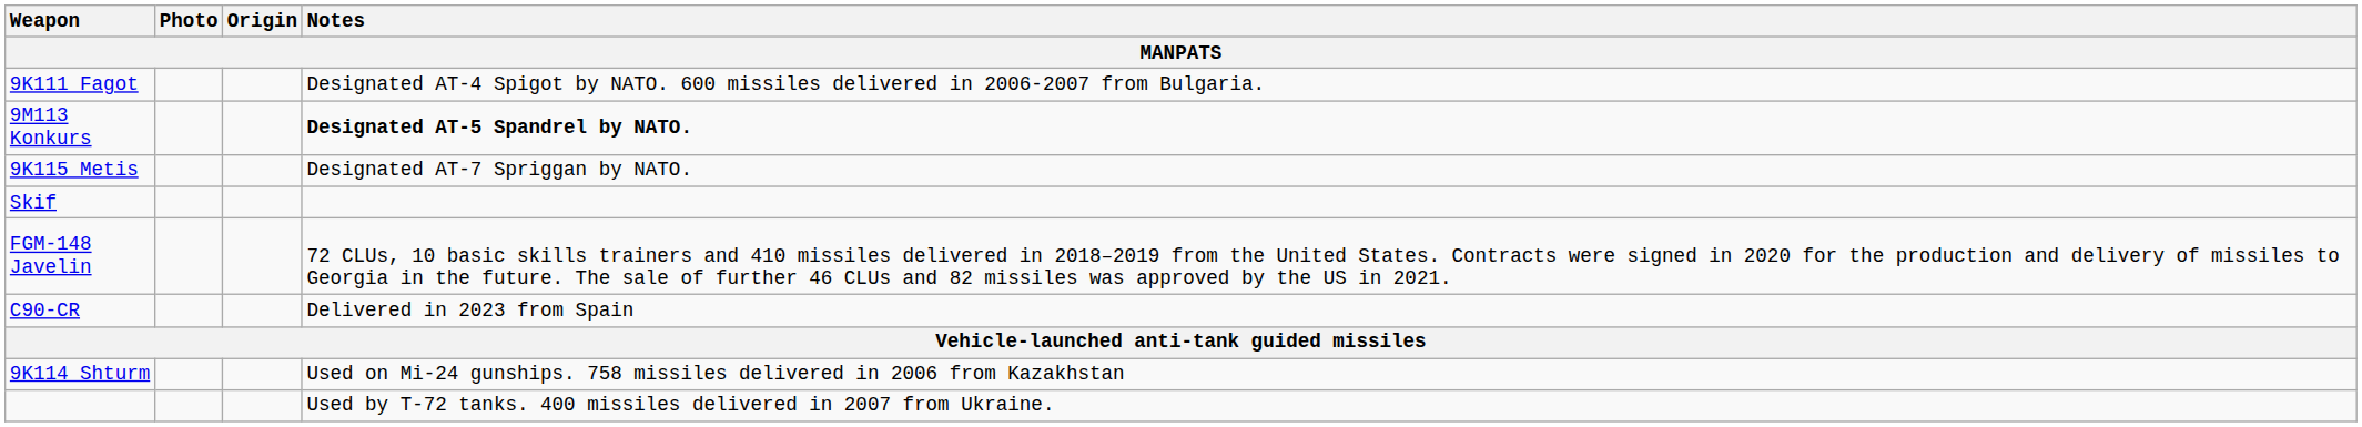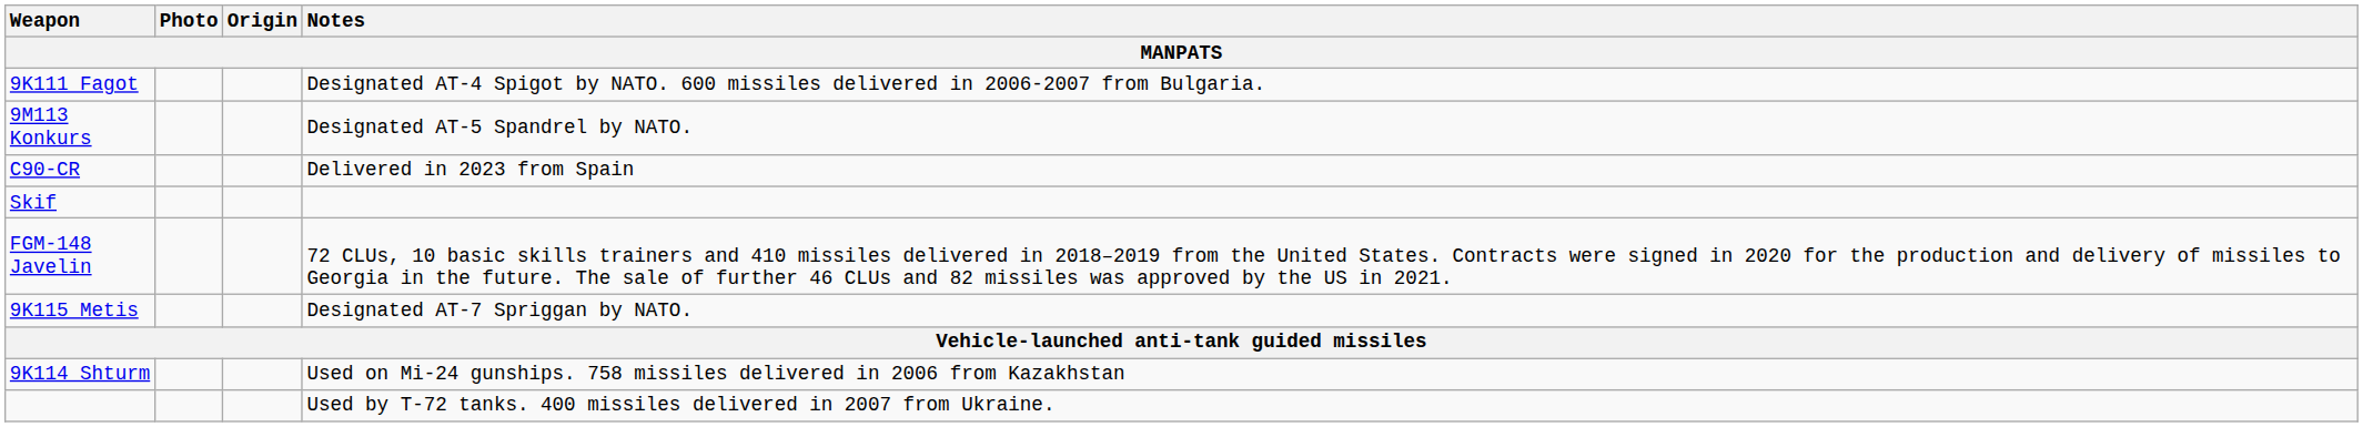 <table class="wikitable">
 <tr>
 <th style="text-align: left;">Weapon</th>
 <th style="text-align: left;">Photo</th>
 <th style="text-align: left;">Origin</th>
 <th style="text-align: left;">Notes</th>
 </tr>
 <tr>
 <th colspan="4">MANPATS</th>
 </tr>
 <tr>
 <td><a href='#'>9K111 Fagot</a></td>
 <td></td>
 <td></td>
 <td>Designated AT-4 Spigot by NATO. 600 missiles delivered in 2006-2007 from Bulgaria.</td>
 </tr>
 <tr>
 <td><a href='#'>9M113 Konkurs</a></td>
 <td></td>
 <td></td>
-<td><strong>Designated AT-5 Spandrel by NATO.</strong></td>
+<td>Designated AT-5 Spandrel by NATO.</td>
 </tr>
 <tr>
-<td><a href='#'>9K115 Metis</a></td>
+<td><a href='#'>C90-CR</a></td>
 <td></td>
-<td><br></td>
-<td>Designated AT-7 Spriggan by NATO.</td>
+<td></td>
+<td>Delivered in 2023 from Spain</td>
 </tr>
 <tr>
 <td><a href='#'>Skif</a></td>
 <td></td>
 <td><br></td>
 <td></td>
 </tr>
 <tr>
 <td><a href='#'>FGM-148 Javelin</a></td>
 <td></td>
 <td></td>
 <td><br>72 CLUs, 10 basic skills trainers and 410 missiles delivered in 2018–2019 from the United States. Contracts were signed in 2020 for the production and delivery of missiles to Georgia in the future. The sale of further 46 CLUs and 82 missiles was approved by the US in 2021.</td>
 </tr>
 <tr>
-<td><a href='#'>C90-CR</a></td>
+<td><a href='#'>9K115 Metis</a></td>
 <td></td>
-<td></td>
-<td>Delivered in 2023 from Spain</td>
+<td><br></td>
+<td>Designated AT-7 Spriggan by NATO.</td>
 </tr>
 <tr>
 <th colspan="4">Vehicle-launched anti-tank guided missiles</th>
 </tr>
 <tr>
 <td><a href='#'>9K114 Shturm</a></td>
 <td></td>
 <td></td>
 <td>Used on Mi-24 gunships. 758 missiles delivered in 2006 from Kazakhstan</td>
 </tr>
 <tr>
 <td></td>
 <td></td>
 <td></td>
 <td>Used by T-72 tanks. 400 missiles delivered in 2007 from Ukraine.</td>
 </tr>
 </table>
